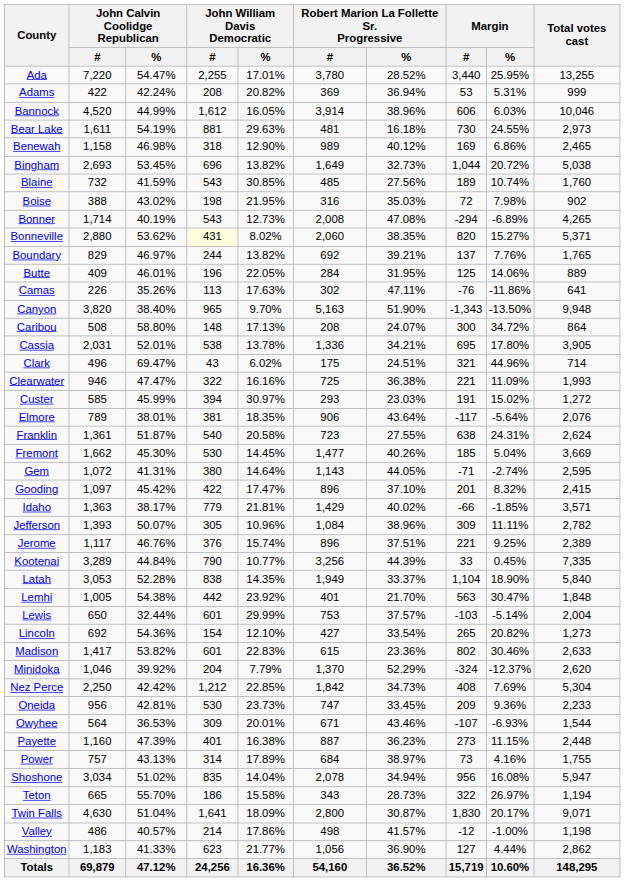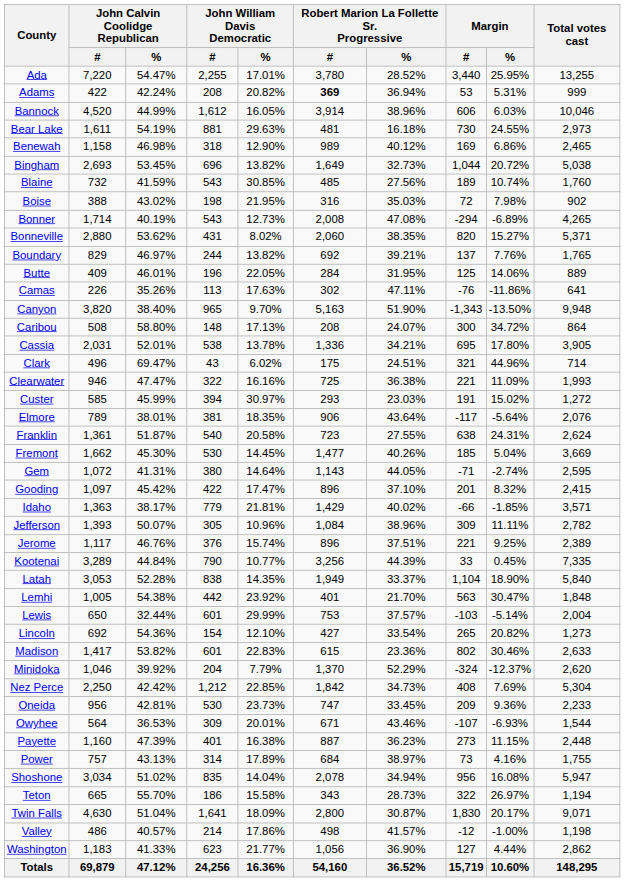 <table class="wikitable sortable" style="text-align:center">
 <tr>
 <th style="text-align:center;" rowspan="2">County</th>
 <th style="text-align:center;" colspan="2">John Calvin Coolidge<br>Republican</th>
 <th style="text-align:center;" colspan="2">John William Davis<br>Democratic</th>
 <th style="text-align:center;" colspan="2">Robert Marion La Follette Sr.<br>Progressive</th>
 <th style="text-align:center;" colspan="2">Margin</th>
 <th style="text-align:center;" rowspan="2">Total votes cast</th>
 </tr>
 <tr>
 <th style="text-align:center;" data-sort-type="number">#</th>
 <th style="text-align:center;" data-sort-type="number">%</th>
 <th style="text-align:center;" data-sort-type="number">#</th>
 <th style="text-align:center;" data-sort-type="number">%</th>
 <th style="text-align:center;" data-sort-type="number">#</th>
 <th style="text-align:center;" data-sort-type="number">%</th>
 <th style="text-align:center;" data-sort-type="number">#</th>
 <th style="text-align:center;" data-sort-type="number">%</th>
 </tr>
 <tr style="text-align:center;">
 <td><a href='#'>Ada</a></td>
 <td>7,220</td>
 <td>54.47%</td>
 <td>2,255</td>
 <td>17.01%</td>
 <td>3,780</td>
 <td>28.52%</td>
 <td>3,440</td>
 <td>25.95%</td>
 <td>13,255</td>
 </tr>
 <tr style="text-align:center;">
 <td><a href='#'>Adams</a></td>
 <td>422</td>
 <td>42.24%</td>
 <td>208</td>
 <td>20.82%</td>
-<td>369</td>
+<td><strong>369</strong></td>
 <td>36.94%</td>
 <td>53</td>
 <td>5.31%</td>
 <td>999</td>
 </tr>
 <tr style="text-align:center;">
 <td><a href='#'>Bannock</a></td>
 <td>4,520</td>
 <td>44.99%</td>
 <td>1,612</td>
 <td>16.05%</td>
 <td>3,914</td>
 <td>38.96%</td>
 <td>606</td>
 <td>6.03%</td>
 <td>10,046</td>
 </tr>
 <tr style="text-align:center;">
 <td><a href='#'>Bear Lake</a></td>
 <td>1,611</td>
 <td>54.19%</td>
 <td>881</td>
 <td>29.63%</td>
 <td>481</td>
 <td>16.18%</td>
 <td>730</td>
 <td>24.55%</td>
 <td>2,973</td>
 </tr>
 <tr style="text-align:center;">
 <td><a href='#'>Benewah</a></td>
 <td>1,158</td>
 <td>46.98%</td>
 <td>318</td>
 <td>12.90%</td>
 <td>989</td>
 <td>40.12%</td>
 <td>169</td>
 <td>6.86%</td>
 <td>2,465</td>
 </tr>
 <tr style="text-align:center;">
 <td><a href='#'>Bingham</a></td>
 <td>2,693</td>
 <td>53.45%</td>
 <td>696</td>
 <td>13.82%</td>
 <td>1,649</td>
 <td>32.73%</td>
 <td>1,044</td>
 <td>20.72%</td>
 <td>5,038</td>
 </tr>
 <tr style="text-align:center;">
 <td><a href='#'>Blaine</a></td>
 <td>732</td>
 <td>41.59%</td>
 <td>543</td>
 <td>30.85%</td>
 <td>485</td>
 <td>27.56%</td>
 <td>189</td>
 <td>10.74%</td>
 <td>1,760</td>
 </tr>
 <tr style="text-align:center;">
 <td><a href='#'>Boise</a></td>
 <td>388</td>
 <td>43.02%</td>
 <td>198</td>
 <td>21.95%</td>
 <td>316</td>
 <td>35.03%</td>
 <td>72</td>
 <td>7.98%</td>
 <td>902</td>
 </tr>
 <tr style="text-align:center;">
 <td><a href='#'>Bonner</a></td>
 <td>1,714</td>
 <td>40.19%</td>
 <td>543</td>
 <td>12.73%</td>
 <td>2,008</td>
 <td>47.08%</td>
 <td>-294</td>
 <td>-6.89%</td>
 <td>4,265</td>
 </tr>
 <tr style="text-align:center;">
 <td><a href='#'>Bonneville</a></td>
 <td>2,880</td>
 <td>53.62%</td>
-<td style="background: lightyellow;">431</td>
+<td>431</td>
 <td>8.02%</td>
 <td>2,060</td>
 <td>38.35%</td>
 <td>820</td>
 <td>15.27%</td>
 <td>5,371</td>
 </tr>
 <tr style="text-align:center;">
 <td><a href='#'>Boundary</a></td>
 <td>829</td>
 <td>46.97%</td>
 <td>244</td>
 <td>13.82%</td>
 <td>692</td>
 <td>39.21%</td>
 <td>137</td>
 <td>7.76%</td>
 <td>1,765</td>
 </tr>
 <tr style="text-align:center;">
 <td><a href='#'>Butte</a></td>
 <td>409</td>
 <td>46.01%</td>
 <td>196</td>
 <td>22.05%</td>
 <td>284</td>
 <td>31.95%</td>
 <td>125</td>
 <td>14.06%</td>
 <td>889</td>
 </tr>
 <tr style="text-align:center;">
 <td><a href='#'>Camas</a></td>
 <td>226</td>
 <td>35.26%</td>
 <td>113</td>
 <td>17.63%</td>
 <td>302</td>
 <td>47.11%</td>
 <td>-76</td>
 <td>-11.86%</td>
 <td>641</td>
 </tr>
 <tr style="text-align:center;">
 <td><a href='#'>Canyon</a></td>
 <td>3,820</td>
 <td>38.40%</td>
 <td>965</td>
 <td>9.70%</td>
 <td>5,163</td>
 <td>51.90%</td>
 <td>-1,343</td>
 <td>-13.50%</td>
 <td>9,948</td>
 </tr>
 <tr style="text-align:center;">
 <td><a href='#'>Caribou</a></td>
 <td>508</td>
 <td>58.80%</td>
 <td>148</td>
 <td>17.13%</td>
 <td>208</td>
 <td>24.07%</td>
 <td>300</td>
 <td>34.72%</td>
 <td>864</td>
 </tr>
 <tr style="text-align:center;">
 <td><a href='#'>Cassia</a></td>
 <td>2,031</td>
 <td>52.01%</td>
 <td>538</td>
 <td>13.78%</td>
 <td>1,336</td>
 <td>34.21%</td>
 <td>695</td>
 <td>17.80%</td>
 <td>3,905</td>
 </tr>
 <tr style="text-align:center;">
 <td><a href='#'>Clark</a></td>
 <td>496</td>
 <td>69.47%</td>
 <td>43</td>
 <td>6.02%</td>
 <td>175</td>
 <td>24.51%</td>
 <td>321</td>
 <td>44.96%</td>
 <td>714</td>
 </tr>
 <tr style="text-align:center;">
 <td><a href='#'>Clearwater</a></td>
 <td>946</td>
 <td>47.47%</td>
 <td>322</td>
 <td>16.16%</td>
 <td>725</td>
 <td>36.38%</td>
 <td>221</td>
 <td>11.09%</td>
 <td>1,993</td>
 </tr>
 <tr style="text-align:center;">
 <td><a href='#'>Custer</a></td>
 <td>585</td>
 <td>45.99%</td>
 <td>394</td>
 <td>30.97%</td>
 <td>293</td>
 <td>23.03%</td>
 <td>191</td>
 <td>15.02%</td>
 <td>1,272</td>
 </tr>
 <tr style="text-align:center;">
 <td><a href='#'>Elmore</a></td>
 <td>789</td>
 <td>38.01%</td>
 <td>381</td>
 <td>18.35%</td>
 <td>906</td>
 <td>43.64%</td>
 <td>-117</td>
 <td>-5.64%</td>
 <td>2,076</td>
 </tr>
 <tr style="text-align:center;">
 <td><a href='#'>Franklin</a></td>
 <td>1,361</td>
 <td>51.87%</td>
 <td>540</td>
 <td>20.58%</td>
 <td>723</td>
 <td>27.55%</td>
 <td>638</td>
 <td>24.31%</td>
 <td>2,624</td>
 </tr>
 <tr style="text-align:center;">
 <td><a href='#'>Fremont</a></td>
 <td>1,662</td>
 <td>45.30%</td>
 <td>530</td>
 <td>14.45%</td>
 <td>1,477</td>
 <td>40.26%</td>
 <td>185</td>
 <td>5.04%</td>
 <td>3,669</td>
 </tr>
 <tr style="text-align:center;">
 <td><a href='#'>Gem</a></td>
 <td>1,072</td>
 <td>41.31%</td>
 <td>380</td>
 <td>14.64%</td>
 <td>1,143</td>
 <td>44.05%</td>
 <td>-71</td>
 <td>-2.74%</td>
 <td>2,595</td>
 </tr>
 <tr style="text-align:center;">
 <td><a href='#'>Gooding</a></td>
 <td>1,097</td>
 <td>45.42%</td>
 <td>422</td>
 <td>17.47%</td>
 <td>896</td>
 <td>37.10%</td>
 <td>201</td>
 <td>8.32%</td>
 <td>2,415</td>
 </tr>
 <tr style="text-align:center;">
 <td><a href='#'>Idaho</a></td>
 <td>1,363</td>
 <td>38.17%</td>
 <td>779</td>
 <td>21.81%</td>
 <td>1,429</td>
 <td>40.02%</td>
 <td>-66</td>
 <td>-1.85%</td>
 <td>3,571</td>
 </tr>
 <tr style="text-align:center;">
 <td><a href='#'>Jefferson</a></td>
 <td>1,393</td>
 <td>50.07%</td>
 <td>305</td>
 <td>10.96%</td>
 <td>1,084</td>
 <td>38.96%</td>
 <td>309</td>
 <td>11.11%</td>
 <td>2,782</td>
 </tr>
 <tr style="text-align:center;">
 <td><a href='#'>Jerome</a></td>
 <td>1,117</td>
 <td>46.76%</td>
 <td>376</td>
 <td>15.74%</td>
 <td>896</td>
 <td>37.51%</td>
 <td>221</td>
 <td>9.25%</td>
 <td>2,389</td>
 </tr>
 <tr style="text-align:center;">
 <td><a href='#'>Kootenai</a></td>
 <td>3,289</td>
 <td>44.84%</td>
 <td>790</td>
 <td>10.77%</td>
 <td>3,256</td>
 <td>44.39%</td>
 <td>33</td>
 <td>0.45%</td>
 <td>7,335</td>
 </tr>
 <tr style="text-align:center;">
 <td><a href='#'>Latah</a></td>
 <td>3,053</td>
 <td>52.28%</td>
 <td>838</td>
 <td>14.35%</td>
 <td>1,949</td>
 <td>33.37%</td>
 <td>1,104</td>
 <td>18.90%</td>
 <td>5,840</td>
 </tr>
 <tr style="text-align:center;">
 <td><a href='#'>Lemhi</a></td>
 <td>1,005</td>
 <td>54.38%</td>
 <td>442</td>
 <td>23.92%</td>
 <td>401</td>
 <td>21.70%</td>
 <td>563</td>
 <td>30.47%</td>
 <td>1,848</td>
 </tr>
 <tr style="text-align:center;">
 <td><a href='#'>Lewis</a></td>
 <td>650</td>
 <td>32.44%</td>
 <td>601</td>
 <td>29.99%</td>
 <td>753</td>
 <td>37.57%</td>
 <td>-103</td>
 <td>-5.14%</td>
 <td>2,004</td>
 </tr>
 <tr style="text-align:center;">
 <td><a href='#'>Lincoln</a></td>
 <td>692</td>
 <td>54.36%</td>
 <td>154</td>
 <td>12.10%</td>
 <td>427</td>
 <td>33.54%</td>
 <td>265</td>
 <td>20.82%</td>
 <td>1,273</td>
 </tr>
 <tr style="text-align:center;">
 <td><a href='#'>Madison</a></td>
 <td>1,417</td>
 <td>53.82%</td>
 <td>601</td>
 <td>22.83%</td>
 <td>615</td>
 <td>23.36%</td>
 <td>802</td>
 <td>30.46%</td>
 <td>2,633</td>
 </tr>
 <tr style="text-align:center;">
 <td><a href='#'>Minidoka</a></td>
 <td>1,046</td>
 <td>39.92%</td>
 <td>204</td>
 <td>7.79%</td>
 <td>1,370</td>
 <td>52.29%</td>
 <td>-324</td>
 <td>-12.37%</td>
 <td>2,620</td>
 </tr>
 <tr style="text-align:center;">
 <td><a href='#'>Nez Perce</a></td>
 <td>2,250</td>
 <td>42.42%</td>
 <td>1,212</td>
 <td>22.85%</td>
 <td>1,842</td>
 <td>34.73%</td>
 <td>408</td>
 <td>7.69%</td>
 <td>5,304</td>
 </tr>
 <tr style="text-align:center;">
 <td><a href='#'>Oneida</a></td>
 <td>956</td>
 <td>42.81%</td>
 <td>530</td>
 <td>23.73%</td>
 <td>747</td>
 <td>33.45%</td>
 <td>209</td>
 <td>9.36%</td>
 <td>2,233</td>
 </tr>
 <tr style="text-align:center;">
 <td><a href='#'>Owyhee</a></td>
 <td>564</td>
 <td>36.53%</td>
 <td>309</td>
 <td>20.01%</td>
 <td>671</td>
 <td>43.46%</td>
 <td>-107</td>
 <td>-6.93%</td>
 <td>1,544</td>
 </tr>
 <tr style="text-align:center;">
 <td><a href='#'>Payette</a></td>
 <td>1,160</td>
 <td>47.39%</td>
 <td>401</td>
 <td>16.38%</td>
 <td>887</td>
 <td>36.23%</td>
 <td>273</td>
 <td>11.15%</td>
 <td>2,448</td>
 </tr>
 <tr style="text-align:center;">
 <td><a href='#'>Power</a></td>
 <td>757</td>
 <td>43.13%</td>
 <td>314</td>
 <td>17.89%</td>
 <td>684</td>
 <td>38.97%</td>
 <td>73</td>
 <td>4.16%</td>
 <td>1,755</td>
 </tr>
 <tr style="text-align:center;">
 <td><a href='#'>Shoshone</a></td>
 <td>3,034</td>
 <td>51.02%</td>
 <td>835</td>
 <td>14.04%</td>
 <td>2,078</td>
 <td>34.94%</td>
 <td>956</td>
 <td>16.08%</td>
 <td>5,947</td>
 </tr>
 <tr style="text-align:center;">
 <td><a href='#'>Teton</a></td>
 <td>665</td>
 <td>55.70%</td>
 <td>186</td>
 <td>15.58%</td>
 <td>343</td>
 <td>28.73%</td>
 <td>322</td>
 <td>26.97%</td>
 <td>1,194</td>
 </tr>
 <tr style="text-align:center;">
 <td><a href='#'>Twin Falls</a></td>
 <td>4,630</td>
 <td>51.04%</td>
 <td>1,641</td>
 <td>18.09%</td>
 <td>2,800</td>
 <td>30.87%</td>
 <td>1,830</td>
 <td>20.17%</td>
 <td>9,071</td>
 </tr>
 <tr style="text-align:center;">
 <td><a href='#'>Valley</a></td>
 <td>486</td>
 <td>40.57%</td>
 <td>214</td>
 <td>17.86%</td>
 <td>498</td>
 <td>41.57%</td>
 <td>-12</td>
 <td>-1.00%</td>
 <td>1,198</td>
 </tr>
 <tr style="text-align:center;">
 <td><a href='#'>Washington</a></td>
 <td>1,183</td>
 <td>41.33%</td>
 <td>623</td>
 <td>21.77%</td>
 <td>1,056</td>
 <td>36.90%</td>
 <td>127</td>
 <td>4.44%</td>
 <td>2,862</td>
 </tr>
 <tr style="text-align:center;">
 <th>Totals</th>
 <th>69,879</th>
 <th>47.12%</th>
 <th>24,256</th>
 <th>16.36%</th>
 <th>54,160</th>
 <th>36.52%</th>
 <th>15,719</th>
 <th>10.60%</th>
 <th>148,295</th>
 </tr>
 </table>
